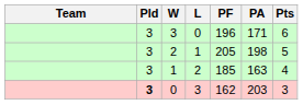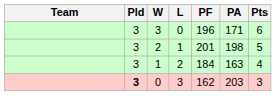 <table class="wikitable" style="text-align:center;">
 <tr>
 <th width=170>Team</th>
 <th width=25>Pld</th>
 <th width=25>W</th>
 <th width=25>L</th>
 <th width=35>PF</th>
 <th width=35>PA</th>
 <th width=25>Pts</th>
 </tr>
 <tr bgcolor=#ccffcc>
 <td style="text-align:left"></td>
 <td>3</td>
 <td>3</td>
 <td>0</td>
 <td>196</td>
 <td>171</td>
 <td>6</td>
 </tr>
 <tr bgcolor=#ccffcc>
 <td style="text-align:left"></td>
 <td>3</td>
 <td>2</td>
 <td>1</td>
-<td>205</td>
+<td>201</td>
 <td>198</td>
 <td>5</td>
 </tr>
 <tr bgcolor=#ccffcc>
 <td style="text-align:left"></td>
 <td>3</td>
 <td>1</td>
 <td>2</td>
-<td>185</td>
+<td>184</td>
 <td>163</td>
 <td>4</td>
 </tr>
 <tr bgcolor=#ffcccc>
 <td style="text-align:left"></td>
 <td><strong>3</strong></td>
 <td>0</td>
 <td>3</td>
 <td>162</td>
 <td>203</td>
 <td>3</td>
 </tr>
 </table>
